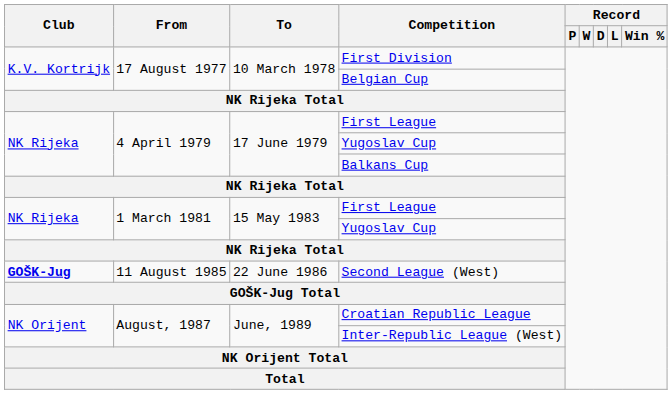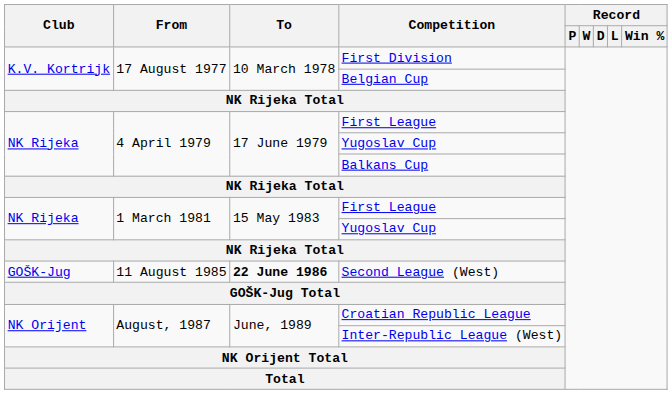 <table class="wikitable" style="text-align:center">
 <tr>
 <th rowspan=2>Club</th>
 <th rowspan=2>From</th>
 <th rowspan=2>To</th>
 <th rowspan=2>Competition</th>
 <th colspan=5>Record</th>
 </tr>
 <tr>
 <th>P</th>
 <th>W</th>
 <th>D</th>
 <th>L</th>
 <th>Win %</th>
 </tr>
 <tr>
 <td rowspan=2 align=left><a href='#'>K.V. Kortrijk</a></td>
 <td rowspan=2 align=left>17 August 1977</td>
 <td rowspan=2 align=left>10 March 1978</td>
 <td align=left><a href='#'>First Division</a><br></td>
 </tr>
 <tr>
 <td align=left><a href='#'>Belgian Cup</a><br></td>
 </tr>
 <tr>
 <th colspan="4">NK Rijeka Total<br></th>
 </tr>
 <tr>
 <td rowspan=3 align=left><a href='#'>NK Rijeka</a></td>
 <td rowspan=3 align=left>4 April 1979</td>
 <td rowspan=3 align=left>17 June 1979</td>
 <td align=left><a href='#'>First League</a><br></td>
 </tr>
 <tr>
 <td align=left><a href='#'>Yugoslav Cup</a><br></td>
 </tr>
 <tr>
 <td align=left><a href='#'>Balkans Cup</a><br></td>
 </tr>
 <tr>
 <th colspan="4">NK Rijeka Total<br></th>
 </tr>
 <tr>
 <td rowspan=2 align=left><a href='#'>NK Rijeka</a></td>
 <td rowspan=2 align=left>1 March 1981</td>
 <td rowspan=2 align=left>15 May 1983</td>
 <td align=left><a href='#'>First League</a><br></td>
 </tr>
 <tr>
 <td align=left><a href='#'>Yugoslav Cup</a><br></td>
 </tr>
 <tr>
 <th colspan="4">NK Rijeka Total<br></th>
 </tr>
 <tr>
-<td rowspan=1 align=left><strong><a href='#'>GOŠK-Jug</a></strong></td>
+<td rowspan=1 align=left><a href='#'>GOŠK-Jug</a></td>
 <td rowspan=1 align=left>11 August 1985</td>
-<td rowspan=1 align=left>22 June 1986</td>
+<td rowspan=1 align=left><strong>22 June 1986</strong></td>
 <td align=left><a href='#'>Second League</a> (West)<br></td>
 </tr>
 <tr>
 <th colspan="4">GOŠK-Jug Total<br></th>
 </tr>
 <tr>
 <td rowspan=2 align=left><a href='#'>NK Orijent</a></td>
 <td rowspan=2 align=left>August, 1987</td>
 <td rowspan=2 align=left>June, 1989</td>
 <td align=left><a href='#'>Croatian Republic League</a><br></td>
 </tr>
 <tr>
 <td align=left><a href='#'>Inter-Republic League</a> (West)<br></td>
 </tr>
 <tr>
 <th colspan="4">NK Orijent Total<br></th>
 </tr>
 <tr>
 <th colspan="4">Total<br></th>
 </tr>
 </table>
